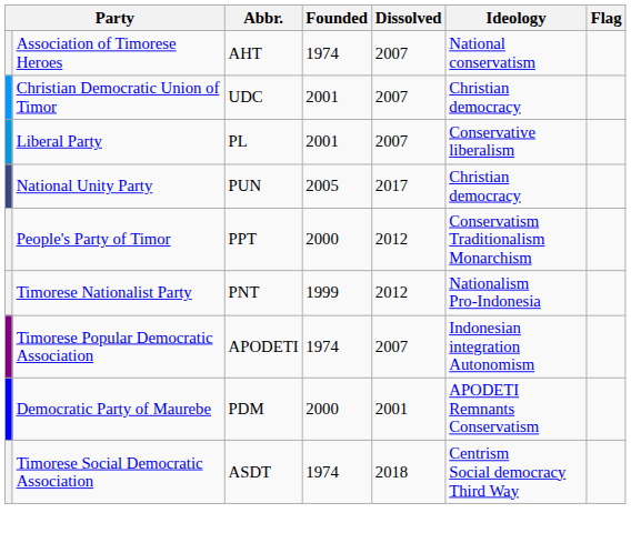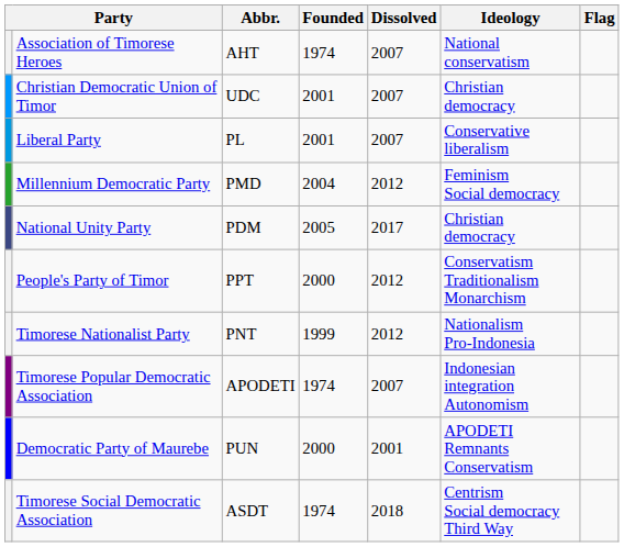 <table class="wikitable sortable">
 <tr>
 <th colspan=2>Party</th>
 <th>Abbr.</th>
 <th>Founded</th>
 <th>Dissolved</th>
 <th>Ideology</th>
 <th>Flag</th>
 </tr>
 <tr>
 <th style="background-color: "></th>
 <td><a href='#'>Association of Timorese Heroes</a><br></td>
 <td>AHT</td>
 <td>1974</td>
 <td> 2007</td>
 <td><a href='#'>National conservatism</a></td>
 <td></td>
 </tr>
 <tr>
 <th style="background-color: #0099ff"></th>
 <td><a href='#'>Christian Democratic Union of Timor</a><br></td>
 <td>UDC</td>
 <td> 2001</td>
 <td> 2007</td>
 <td><a href='#'>Christian democracy</a></td>
 <td></td>
 </tr>
 <tr>
 <th style="background-color: #0099e0"></th>
 <td><a href='#'>Liberal Party</a><br></td>
 <td>PL</td>
 <td> 2001</td>
 <td> 2007</td>
 <td><a href='#'>Conservative liberalism</a></td>
 <td></td>
 </tr>
 <tr>
+<th style="background-color: #27a22d"></th>
+<td><a href='#'>Millennium Democratic Party</a><br></td>
+<td>PMD</td>
+<td>2004</td>
+<td> 2012</td>
+<td><a href='#'>Feminism</a><br><a href='#'>Social democracy</a></td>
+<td></td>
+</tr>
+<tr>
 <th style="background-color: #3b4783"></th>
 <td><a href='#'>National Unity Party</a><br></td>
-<td>PUN</td>
+<td>PDM</td>
 <td>2005</td>
 <td> 2017</td>
 <td><a href='#'>Christian democracy</a></td>
 <td></td>
 </tr>
 <tr>
 <th style="background-color: "></th>
 <td><a href='#'>People's Party of Timor</a><br></td>
 <td>PPT</td>
 <td>2000</td>
 <td> 2012</td>
 <td><a href='#'>Conservatism</a><br><a href='#'>Traditionalism</a><br><a href='#'>Monarchism</a></td>
 <td></td>
 </tr>
 <tr>
 <th style="background-color: "></th>
 <td><a href='#'>Timorese Nationalist Party</a><br></td>
 <td>PNT</td>
 <td>1999</td>
 <td> 2012</td>
 <td><a href='#'>Nationalism</a><br><a href='#'>Pro-Indonesia</a></td>
 <td></td>
 </tr>
 <tr>
 <th style="background-color: purple"></th>
 <td><a href='#'>Timorese Popular Democratic Association</a><br></td>
 <td>APODETI</td>
 <td>1974</td>
 <td> 2007</td>
 <td><a href='#'>Indonesian</a> <a href='#'>integration</a><br><a href='#'>Autonomism</a></td>
 <td></td>
 </tr>
 <tr>
 <th style="background-color: #0000FF"></th>
 <td><a href='#'>Democratic Party of Maurebe</a><br></td>
-<td>PDM</td>
+<td>PUN</td>
 <td>2000</td>
 <td>2001</td>
 <td><a href='#'>APODETI Remnants</a><br><a href='#'>Conservatism</a></td>
 <td></td>
 </tr>
 <tr>
 <th style="background-color: "></th>
 <td><a href='#'>Timorese Social Democratic Association</a><br></td>
 <td>ASDT</td>
 <td>1974</td>
 <td>2018</td>
 <td><a href='#'>Centrism</a><br><a href='#'>Social democracy</a><br><a href='#'>Third Way</a></td>
 <td></td>
 </tr>
 </table>
